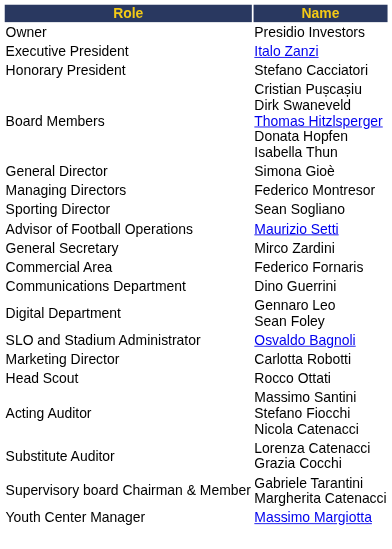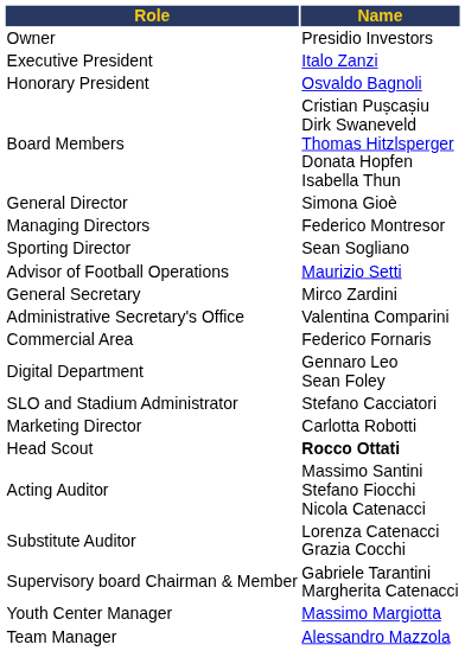 <table class="toccolours">
 <tr>
 <th style="background:#293860;color:#F4CA16;">Role</th>
 <th style="background:#293860;color:#F4CA16;">Name</th>
 </tr>
 <tr>
 <td>Owner</td>
 <td> Presidio Investors</td>
 </tr>
 <tr>
 <td>Executive President</td>
 <td> <a href='#'>Italo Zanzi</a></td>
 </tr>
 <tr>
 <td>Honorary President</td>
-<td> Stefano Cacciatori</td>
+<td> <a href='#'>Osvaldo Bagnoli</a></td>
 </tr>
 <tr>
 <td>Board Members</td>
 <td> Cristian Pușcașiu <br>  Dirk Swaneveld <br>  <a href='#'>Thomas Hitzlsperger</a> <br>  Donata Hopfen <br>  Isabella Thun</td>
 </tr>
 <tr>
 <td>General Director</td>
 <td> Simona Gioè</td>
 </tr>
 <tr>
 <td>Managing Directors</td>
 <td> Federico Montresor</td>
 </tr>
 <tr>
 <td>Sporting Director</td>
 <td> Sean Sogliano</td>
 </tr>
 <tr>
 <td>Advisor of Football Operations</td>
 <td> <a href='#'>Maurizio Setti</a></td>
 </tr>
 <tr>
 <td>General Secretary</td>
 <td> Mirco Zardini</td>
 </tr>
 <tr>
+<td>Administrative Secretary's Office</td>
+<td> Valentina Comparini</td>
+</tr>
+<tr>
 <td>Commercial Area</td>
 <td> Federico Fornaris</td>
-</tr>
-<tr>
-<td>Communications Department</td>
-<td> Dino Guerrini</td>
 </tr>
 <tr>
 <td>Digital Department</td>
 <td> Gennaro Leo <br>  Sean Foley</td>
 </tr>
 <tr>
 <td>SLO and Stadium Administrator</td>
-<td> <a href='#'>Osvaldo Bagnoli</a></td>
+<td> Stefano Cacciatori</td>
 </tr>
 <tr>
 <td>Marketing Director</td>
 <td> Carlotta Robotti</td>
 </tr>
 <tr>
 <td>Head Scout</td>
-<td> Rocco Ottati</td>
+<td><strong> Rocco Ottati</strong></td>
 </tr>
 <tr>
 <td>Acting Auditor</td>
 <td> Massimo Santini <br>  Stefano Fiocchi <br>  Nicola Catenacci</td>
 </tr>
 <tr>
 <td>Substitute Auditor</td>
 <td> Lorenza Catenacci <br>  Grazia Cocchi</td>
 </tr>
 <tr>
 <td>Supervisory board Chairman & Member</td>
 <td> Gabriele Tarantini <br>  Margherita Catenacci</td>
 </tr>
 <tr>
 <td>Youth Center Manager</td>
 <td> <a href='#'>Massimo Margiotta</a></td>
 </tr>
+<tr>
+<td>Team Manager</td>
+<td> <a href='#'>Alessandro Mazzola</a></td>
+</tr>
 </table>
